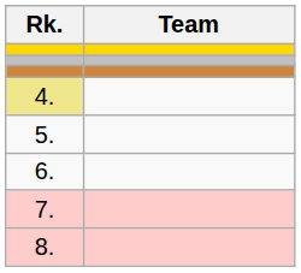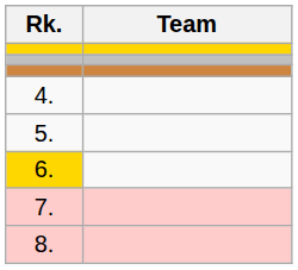 <table class="wikitable" style="border:1px solid #AAAAAA;font-size:90%">
 <tr bgcolor="#E4E4E4">
 <th style="border-bottom:1px solid #AAAAAA" width=40>Rk.</th>
 <th style="border-bottom:1px solid #AAAAAA" width=120>Team</th>
 </tr>
 <tr style="background:#ffd700;">
 <td align=center></td>
 <td></td>
 </tr>
 <tr style="background:#c0c0c0;">
 <td align=center></td>
 <td></td>
 </tr>
 <tr style="background:#CD853F;">
 <td align=center></td>
 <td></td>
 </tr>
 <tr>
-<td align=center style="background: khaki;">4.</td>
+<td align=center>4.</td>
 <td></td>
 </tr>
 <tr>
 <td align=center>5.</td>
 <td></td>
 </tr>
 <tr>
-<td align=center>6.</td>
+<td align=center style="background: gold;">6.</td>
 <td></td>
 </tr>
 <tr style="background:#ffcccc;">
 <td align=center>7.</td>
 <td></td>
 </tr>
 <tr style="background:#ffcccc;">
 <td align=center>8.</td>
 <td></td>
 </tr>
 </table>
